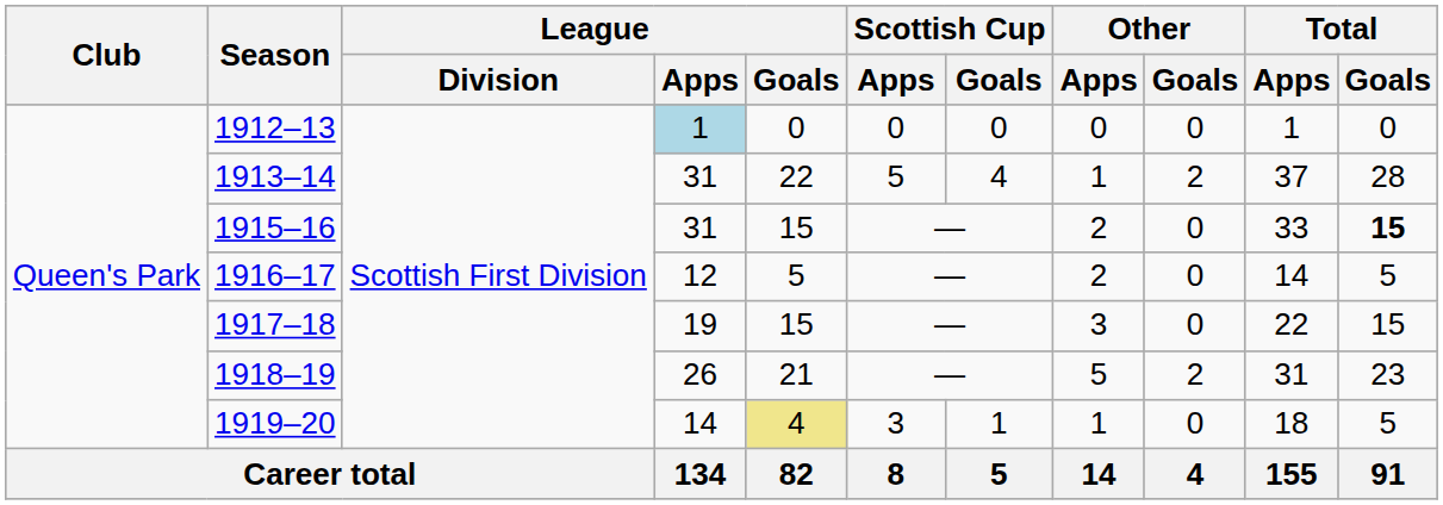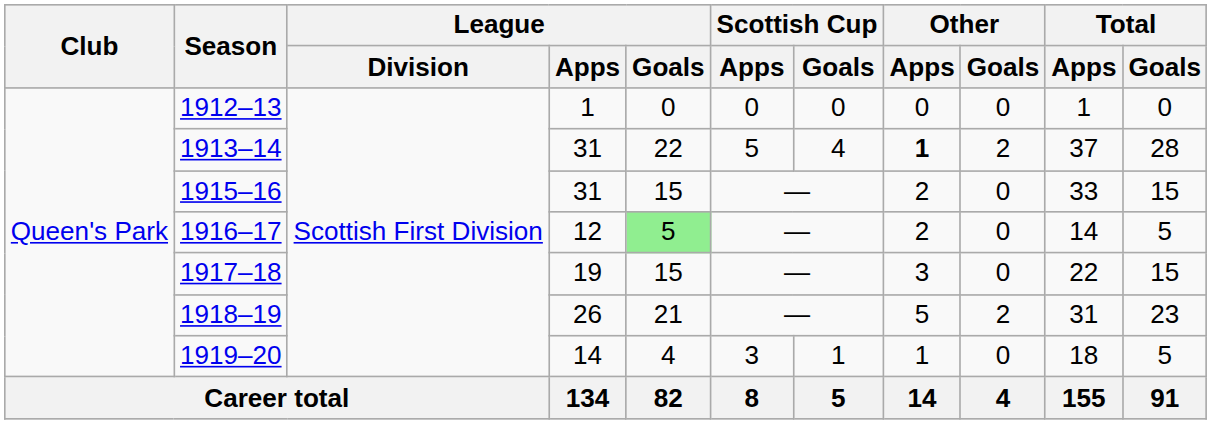 <table class="wikitable" style="text-align: center;">
 <tr>
 <th rowspan="2">Club</th>
 <th rowspan="2">Season</th>
 <th colspan="3">League</th>
 <th colspan="2">Scottish Cup</th>
 <th colspan="2">Other</th>
 <th colspan="2">Total</th>
 </tr>
 <tr>
 <th>Division</th>
 <th>Apps</th>
 <th>Goals</th>
 <th>Apps</th>
 <th>Goals</th>
 <th>Apps</th>
 <th>Goals</th>
 <th>Apps</th>
 <th>Goals</th>
 </tr>
 <tr>
 <td rowspan="7"><a href='#'>Queen's Park</a></td>
 <td><a href='#'>1912–13</a></td>
 <td rowspan="7"><a href='#'>Scottish First Division</a></td>
-<td style="background: lightblue;">1</td>
+<td>1</td>
 <td>0</td>
 <td>0</td>
 <td>0</td>
 <td>0</td>
 <td>0</td>
 <td>1</td>
 <td>0</td>
 </tr>
 <tr>
 <td><a href='#'>1913–14</a></td>
 <td>31</td>
 <td>22</td>
 <td>5</td>
 <td>4</td>
-<td>1</td>
+<td><strong>1</strong></td>
 <td>2</td>
 <td>37</td>
 <td>28</td>
 </tr>
 <tr>
 <td><a href='#'>1915–16</a></td>
 <td>31</td>
 <td>15</td>
 <td colspan="2">—</td>
 <td>2</td>
 <td>0</td>
 <td>33</td>
-<td><strong>15</strong></td>
+<td>15</td>
 </tr>
 <tr>
 <td><a href='#'>1916–17</a></td>
 <td>12</td>
-<td>5</td>
+<td style="background: lightgreen;">5</td>
 <td colspan="2">—</td>
 <td>2</td>
 <td>0</td>
 <td>14</td>
 <td>5</td>
 </tr>
 <tr>
 <td><a href='#'>1917–18</a></td>
 <td>19</td>
 <td>15</td>
 <td colspan="2">—</td>
 <td>3</td>
 <td>0</td>
 <td>22</td>
 <td>15</td>
 </tr>
 <tr>
 <td><a href='#'>1918–19</a></td>
 <td>26</td>
 <td>21</td>
 <td colspan="2">—</td>
 <td>5</td>
 <td>2</td>
 <td>31</td>
 <td>23</td>
 </tr>
 <tr>
 <td><a href='#'>1919–20</a></td>
 <td>14</td>
-<td style="background: khaki;">4</td>
+<td>4</td>
 <td>3</td>
 <td>1</td>
 <td>1</td>
 <td>0</td>
 <td>18</td>
 <td>5</td>
 </tr>
 <tr>
 <th colspan="3">Career total</th>
 <th>134</th>
 <th>82</th>
 <th>8</th>
 <th>5</th>
 <th>14</th>
 <th>4</th>
 <th>155</th>
 <th>91</th>
 </tr>
 </table>
